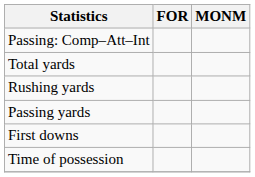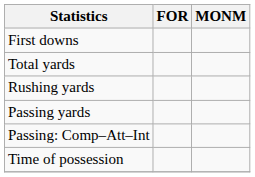 <table class="wikitable" style="float: left;">
 <tr>
 <th>Statistics</th>
 <th>FOR</th>
 <th>MONM</th>
 </tr>
 <tr>
-<td>Passing: Comp–Att–Int</td>
+<td>First downs</td>
 <td></td>
 <td></td>
 </tr>
 <tr>
 <td>Total yards</td>
 <td></td>
 <td></td>
 </tr>
 <tr>
 <td>Rushing yards</td>
 <td></td>
 <td></td>
 </tr>
 <tr>
 <td>Passing yards</td>
 <td></td>
 <td></td>
 </tr>
 <tr>
-<td>First downs</td>
+<td>Passing: Comp–Att–Int</td>
 <td></td>
 <td></td>
 </tr>
 <tr>
 <td>Time of possession</td>
 <td></td>
 <td></td>
 </tr>
 <tr>
 </tr>
 </table>
